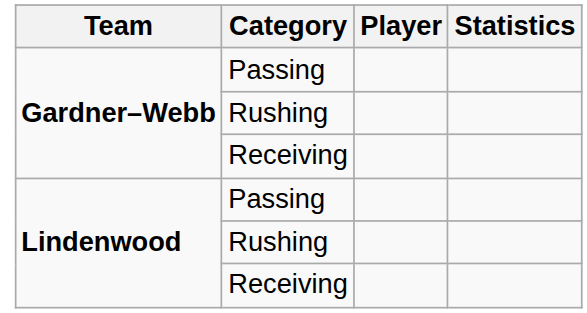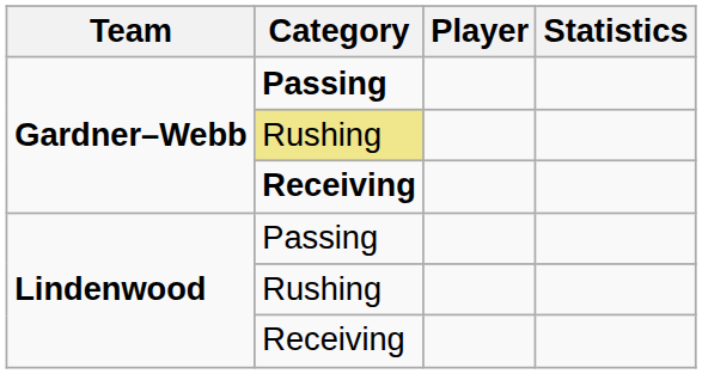 <table class="wikitable" style="float: right;">
 <tr>
 <th>Team</th>
 <th>Category</th>
 <th>Player</th>
 <th>Statistics</th>
 </tr>
 <tr>
 <td rowspan=3><strong>Gardner–Webb</strong></td>
-<td>Passing</td>
+<td><strong>Passing</strong></td>
 <td></td>
 <td></td>
 </tr>
 <tr>
-<td>Rushing</td>
+<td style="background: khaki;">Rushing</td>
 <td></td>
 <td></td>
 </tr>
 <tr>
-<td>Receiving</td>
+<td><strong>Receiving</strong></td>
 <td></td>
 <td></td>
 </tr>
 <tr>
 <td rowspan=3><strong>Lindenwood</strong></td>
 <td>Passing</td>
 <td></td>
 <td></td>
 </tr>
 <tr>
 <td>Rushing</td>
 <td></td>
 <td></td>
 </tr>
 <tr>
 <td>Receiving</td>
 <td></td>
 <td></td>
 </tr>
 </table>
